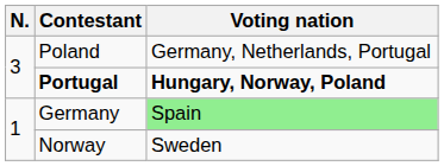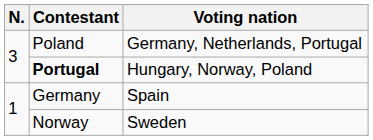 <table class="wikitable" style="width:40%;">
 <tr>
 <th>N.</th>
 <th>Contestant</th>
 <th>Voting nation</th>
 </tr>
 <tr>
 <td rowspan=2>3</td>
 <td>Poland</td>
 <td>Germany, Netherlands, Portugal</td>
 </tr>
 <tr>
 <td><strong>Portugal</strong></td>
-<td><strong>Hungary, Norway, Poland</strong></td>
+<td>Hungary, Norway, Poland</td>
 </tr>
 <tr>
 <td rowspan=2>1</td>
 <td>Germany</td>
-<td style="background: lightgreen;">Spain</td>
+<td>Spain</td>
 </tr>
 <tr>
 <td>Norway</td>
 <td>Sweden</td>
 </tr>
 </table>
